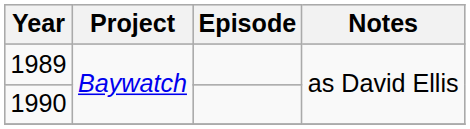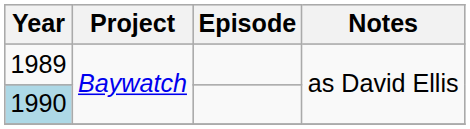 <table class="wikitable sortable">
 <tr>
 <th>Year</th>
 <th>Project</th>
 <th>Episode</th>
 <th>Notes</th>
 </tr>
 <tr>
 <td>1989</td>
 <td rowspan="2"><em><a href='#'>Baywatch</a></em></td>
 <td></td>
 <td rowspan="2">as David Ellis</td>
 </tr>
 <tr>
-<td>1990</td>
+<td style="background: lightblue;">1990</td>
 <td></td>
 </tr>
 <tr>
 </tr>
 </table>
